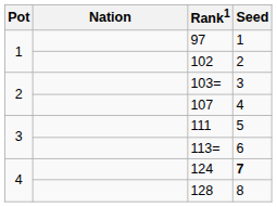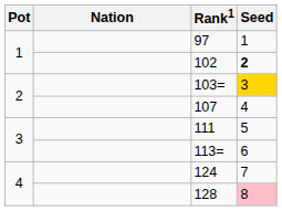 <table class="wikitable">
 <tr>
 <th>Pot</th>
 <th width="175">Nation</th>
 <th>Rank<sup>1</sup></th>
 <th>Seed</th>
 </tr>
 <tr>
 <td rowspan=2 style="text-align:center;">1</td>
 <td></td>
 <td>97</td>
 <td>1</td>
 </tr>
 <tr>
 <td></td>
 <td>102</td>
-<td>2</td>
+<td><strong>2</strong></td>
 </tr>
 <tr>
 <td rowspan=2 style="text-align:center;">2</td>
 <td></td>
 <td>103=</td>
-<td>3</td>
+<td style="background: gold;">3</td>
 </tr>
 <tr>
 <td></td>
 <td>107</td>
 <td>4</td>
 </tr>
 <tr>
 <td rowspan=2 style="text-align:center;">3</td>
 <td></td>
 <td>111</td>
 <td>5</td>
 </tr>
 <tr>
 <td></td>
 <td>113=</td>
 <td>6</td>
 </tr>
 <tr>
 <td rowspan=2 style="text-align:center;">4</td>
 <td></td>
 <td>124</td>
-<td><strong>7</strong></td>
+<td>7</td>
 </tr>
 <tr>
 <td></td>
 <td>128</td>
-<td>8</td>
+<td style="background: pink;">8</td>
 </tr>
 </table>
